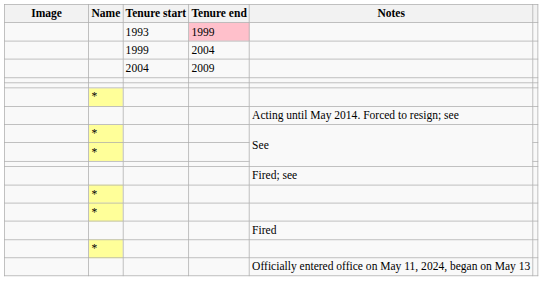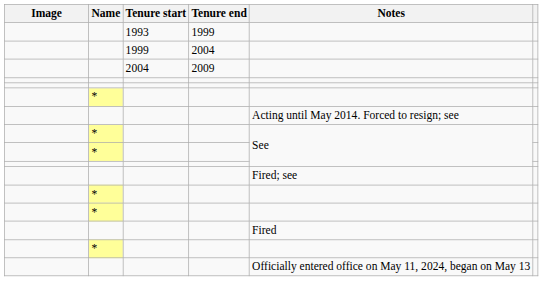 <table class="wikitable sortable sticky-header">
 <tr>
 <th scope="col" class="unsortable" style="width: 110px;">Image</th>
 <th scope="col">Name</th>
 <th scope="col">Tenure start</th>
 <th scope="col">Tenure end</th>
 <th scope="col" class="unsortable">Notes</th>
 <th scope="col" class="unsortable"></th>
 </tr>
 <tr>
 <td></td>
 <td></td>
 <td>1993</td>
-<td style="background: pink;">1999</td>
+<td>1999</td>
 <td></td>
 <td></td>
 </tr>
 <tr>
 <td></td>
 <td></td>
 <td>1999</td>
 <td>2004</td>
 <td></td>
 <td></td>
 </tr>
 <tr>
 <td></td>
 <td></td>
 <td>2004</td>
 <td>2009</td>
 <td></td>
 <td></td>
 </tr>
 <tr>
 <td></td>
 <td></td>
 <td></td>
 <td></td>
 <td></td>
 <td></td>
 </tr>
 <tr>
 <td></td>
 <td></td>
 <td></td>
 <td></td>
 <td></td>
 <td></td>
 </tr>
 <tr>
 <td></td>
 <td style="background-color:#FFFF99">*</td>
 <td></td>
 <td></td>
 <td></td>
 <td></td>
 </tr>
 <tr>
 <td></td>
 <td></td>
 <td></td>
 <td></td>
 <td>Acting until May 2014. Forced to resign; see </td>
 <td></td>
 </tr>
 <tr>
 <td></td>
 <td style="background-color:#FFFF99">*</td>
 <td></td>
 <td></td>
 <td rowspan="3">See </td>
 <td></td>
 </tr>
 <tr>
 <td></td>
 <td style="background-color:#FFFF99">*</td>
 <td></td>
 <td></td>
 <td></td>
 </tr>
 <tr>
 <td></td>
 <td></td>
 <td></td>
 <td></td>
 <td></td>
 </tr>
 <tr>
 <td></td>
 <td></td>
 <td></td>
 <td></td>
 <td>Fired; see </td>
 <td></td>
 </tr>
 <tr id="Allison">
 <td></td>
 <td style="background-color:#FFFF99">*</td>
 <td></td>
 <td></td>
 <td></td>
 <td></td>
 </tr>
 <tr>
 <td></td>
 <td style="background-color:#FFFF99">*</td>
 <td></td>
 <td></td>
 <td></td>
 <td></td>
 </tr>
 <tr>
 <td></td>
 <td></td>
 <td></td>
 <td></td>
 <td>Fired</td>
 <td></td>
 </tr>
 <tr id="Allison 2">
 <td></td>
 <td style="background-color:#FFFF99">*</td>
 <td></td>
 <td></td>
 <td></td>
 <td></td>
 </tr>
 <tr>
 <td></td>
 <td></td>
 <td></td>
 <td></td>
 <td>Officially entered office on May 11, 2024, began on May 13</td>
 <td></td>
 </tr>
 </table>
